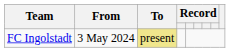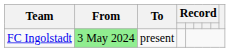 <table class="wikitable" style="text-align: center">
 <tr>
 <th rowspan="2">Team</th>
 <th rowspan="2">From</th>
 <th rowspan="2">To</th>
 <th colspan="5">Record</th>
 <th rowspan="2"></th>
 </tr>
 <tr>
 <th></th>
 <th></th>
 <th></th>
 <th></th>
 <th></th>
 </tr>
 <tr>
 <td><a href='#'>FC Ingolstadt</a></td>
-<td>3 May 2024</td>
-<td style="background: khaki;">present<br></td>
+<td style="background: lightgreen;">3 May 2024</td>
+<td>present<br></td>
 <td></td>
 </tr>
 </table>
